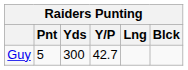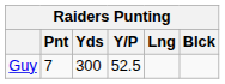 <table class="wikitable">
 <tr>
 <th colspan="6">Raiders Punting</th>
 </tr>
 <tr>
 <th></th>
 <th>Pnt</th>
 <th>Yds</th>
 <th>Y/P</th>
 <th>Lng</th>
 <th>Blck</th>
 </tr>
 <tr>
 <td><a href='#'>Guy</a></td>
-<td>5</td>
+<td>7</td>
 <td>300</td>
-<td>42.7</td>
+<td>52.5</td>
 <td></td>
 <td></td>
 </tr>
 </table>
